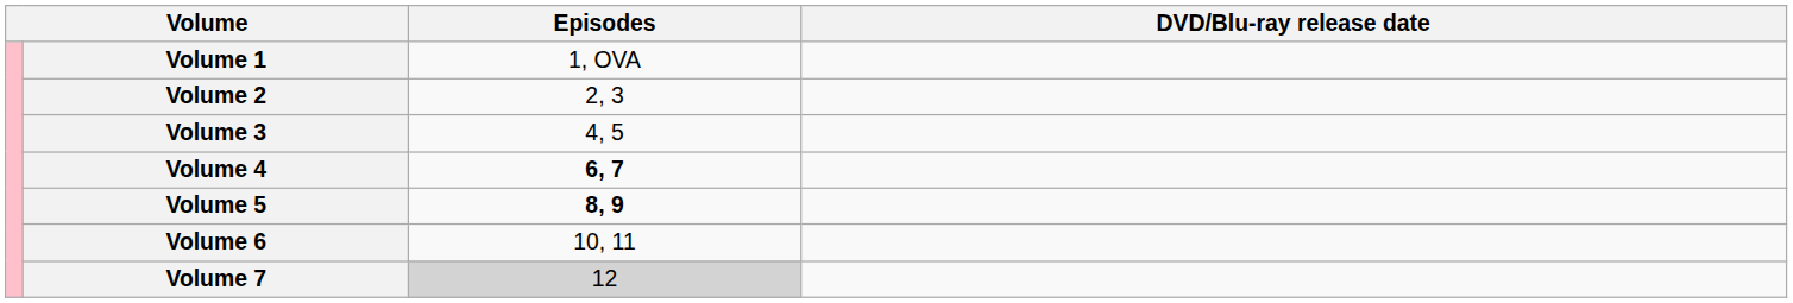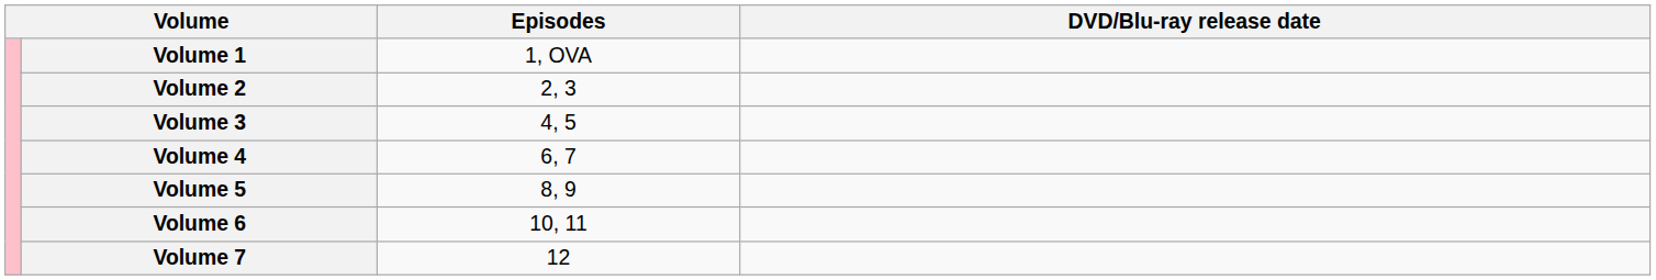 <table class="wikitable" style="text-align: center; width: 98%;">
 <tr>
 <th scope="column" colspan="2">Volume</th>
 <th>Episodes</th>
 <th>DVD/Blu-ray release date</th>
 </tr>
 <tr>
 <td rowspan="13" style="width:1%; background:pink;"></td>
 <th scope="row">Volume 1</th>
 <td>1, OVA</td>
 <td></td>
 </tr>
 <tr>
 <th scope="row">Volume 2</th>
 <td>2, 3</td>
 <td></td>
 </tr>
 <tr>
 <th scope="row">Volume 3</th>
 <td>4, 5</td>
 <td></td>
 </tr>
 <tr>
 <th scope="row">Volume 4</th>
-<td><strong>6, 7</strong></td>
+<td>6, 7</td>
 <td></td>
 </tr>
 <tr>
 <th scope="row">Volume 5</th>
-<td><strong>8, 9</strong></td>
+<td>8, 9</td>
 <td></td>
 </tr>
 <tr>
 <th scope="row">Volume 6</th>
 <td>10, 11</td>
 <td></td>
 </tr>
 <tr>
 <th scope="row">Volume 7</th>
-<td style="background: lightgrey;">12</td>
+<td>12</td>
 <td></td>
 </tr>
 </table>
